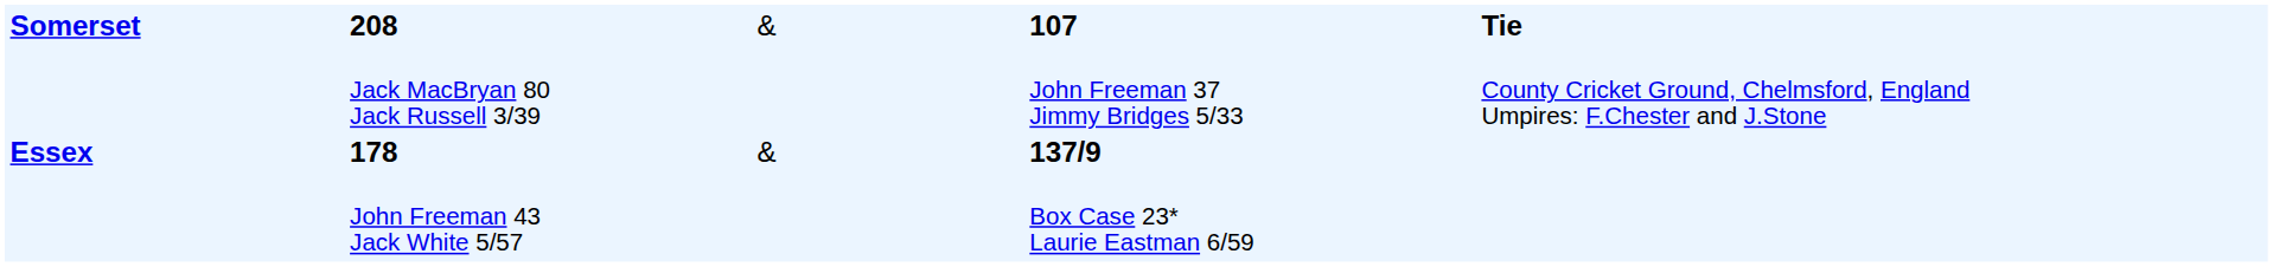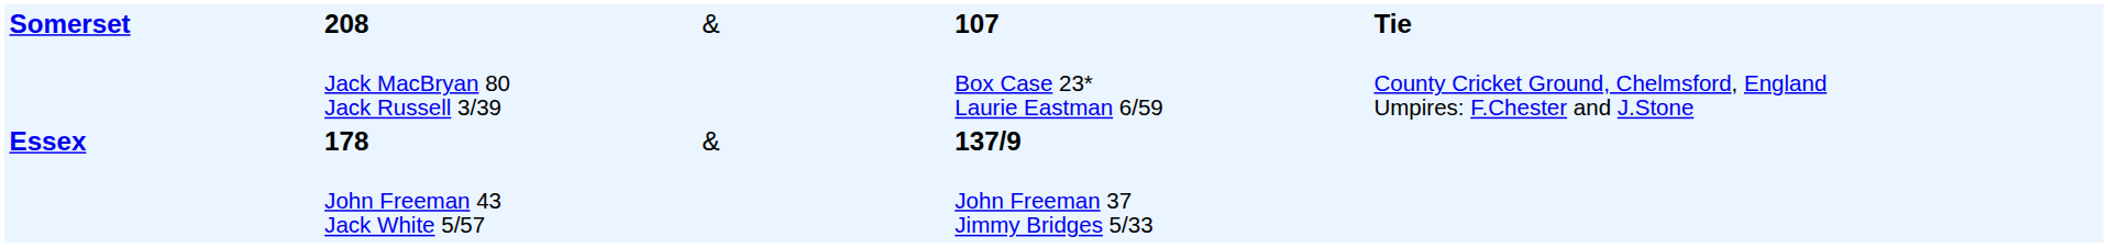 <table width="100%" style="background: #EBF5FF">
 <tr>
 <td width="15%" valign="top" rowspan="2"><strong><a href='#'>Somerset</a></strong></td>
 <td width="18%"><strong>208</strong></td>
 <td width="12%">&</td>
 <td width="20%"><strong>107</strong></td>
 <td width="35%"><strong>Tie</strong></td>
 </tr>
 <tr>
 <td style="font-size: 85%;" valign="top"><br><a href='#'>Jack MacBryan</a> 80<br> <a href='#'>Jack Russell</a> 3/39</td>
 <td></td>
-<td valign="top" style="font-size: 85%;"><br><a href='#'>John Freeman</a> 37<br> <a href='#'>Jimmy Bridges</a> 5/33</td>
+<td style="font-size: 85%;"><br><a href='#'>Box Case</a> 23*<br> <a href='#'>Laurie Eastman</a> 6/59</td>
 <td valign="top" style="font-size: 85%;" rowspan="3"><br><a href='#'>County Cricket Ground, Chelmsford</a>, <a href='#'>England</a><br> Umpires: <a href='#'>F.Chester</a> and <a href='#'>J.Stone</a></td>
 </tr>
 <tr>
 <td valign="top" rowspan="2"><strong><a href='#'>Essex</a></strong></td>
 <td><strong>178</strong></td>
 <td>&</td>
 <td><strong>137/9</strong></td>
 </tr>
 <tr>
 <td style="font-size: 85%;"><br><a href='#'>John Freeman</a> 43<br> <a href='#'>Jack White</a> 5/57</td>
 <td></td>
-<td style="font-size: 85%;"><br><a href='#'>Box Case</a> 23*<br> <a href='#'>Laurie Eastman</a> 6/59</td>
+<td valign="top" style="font-size: 85%;"><br><a href='#'>John Freeman</a> 37<br> <a href='#'>Jimmy Bridges</a> 5/33</td>
 </tr>
 </table>
